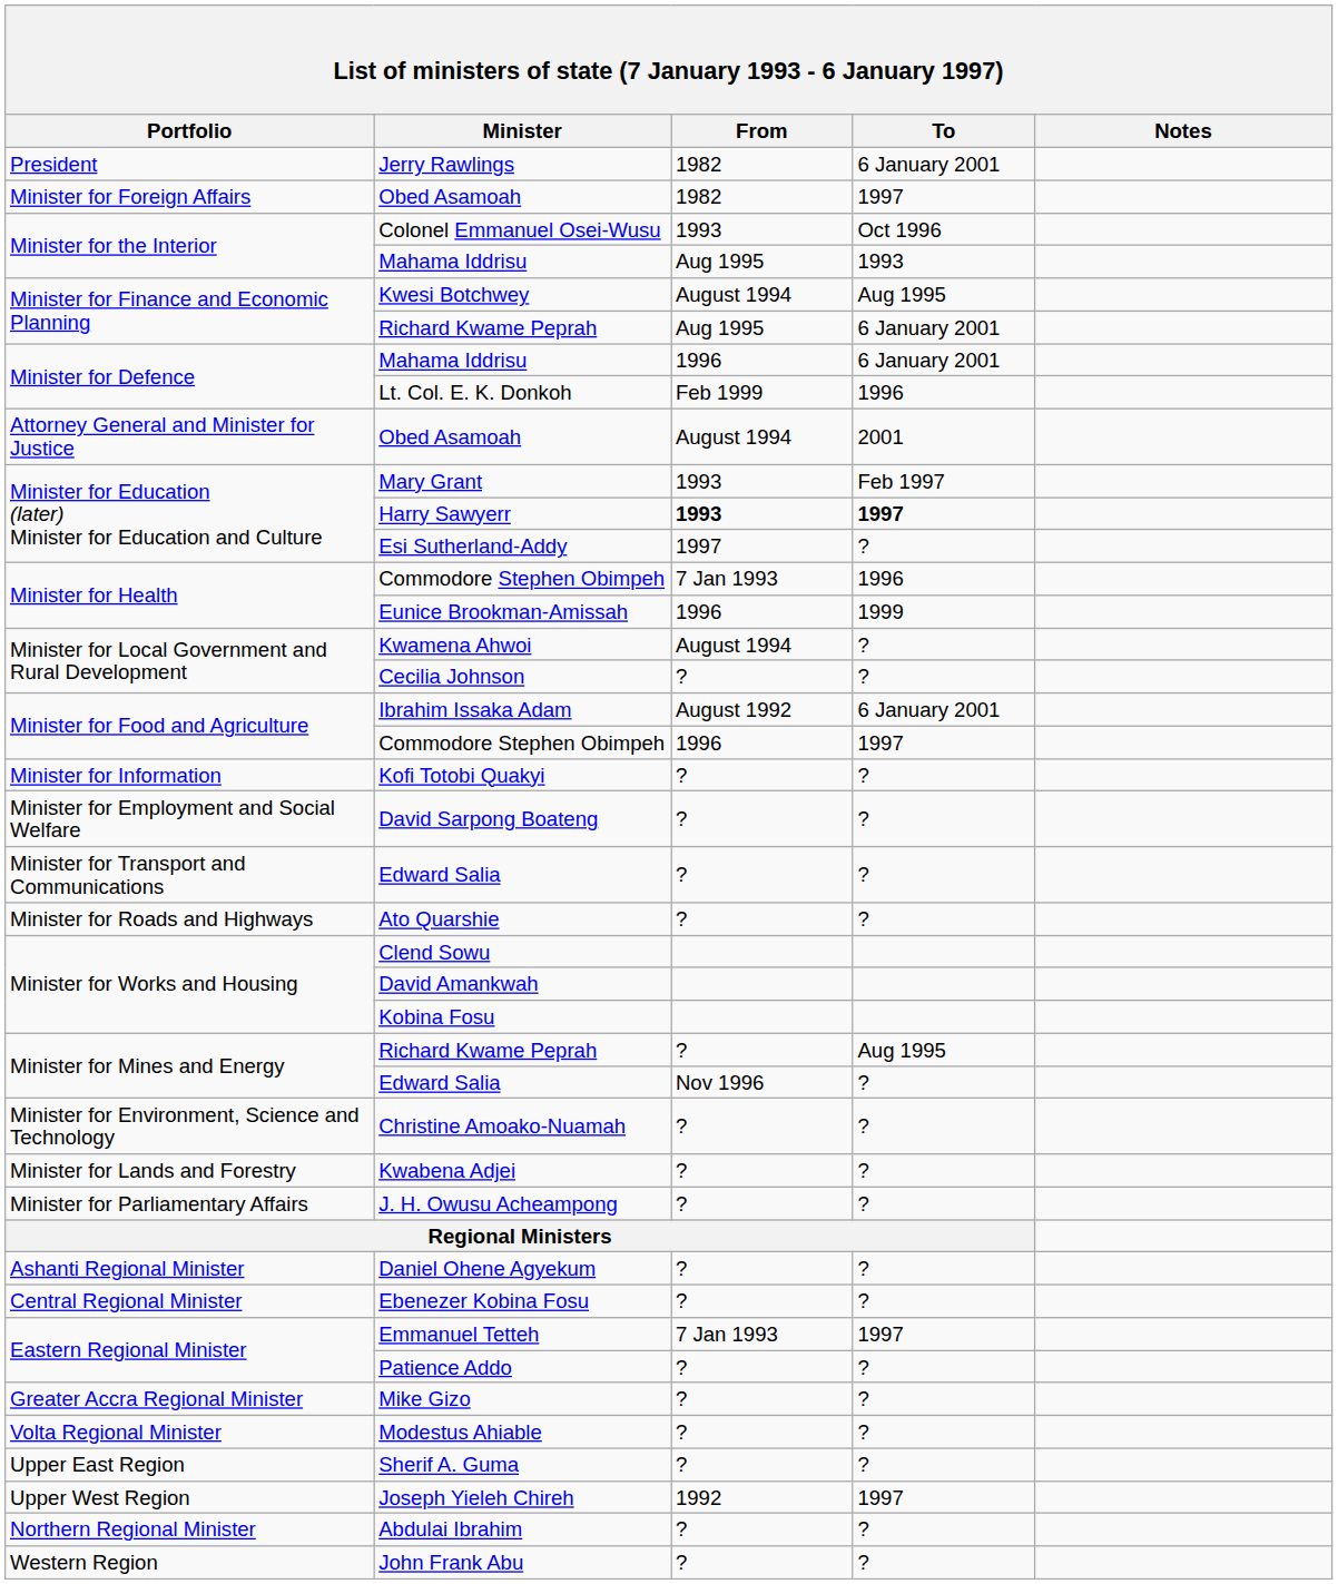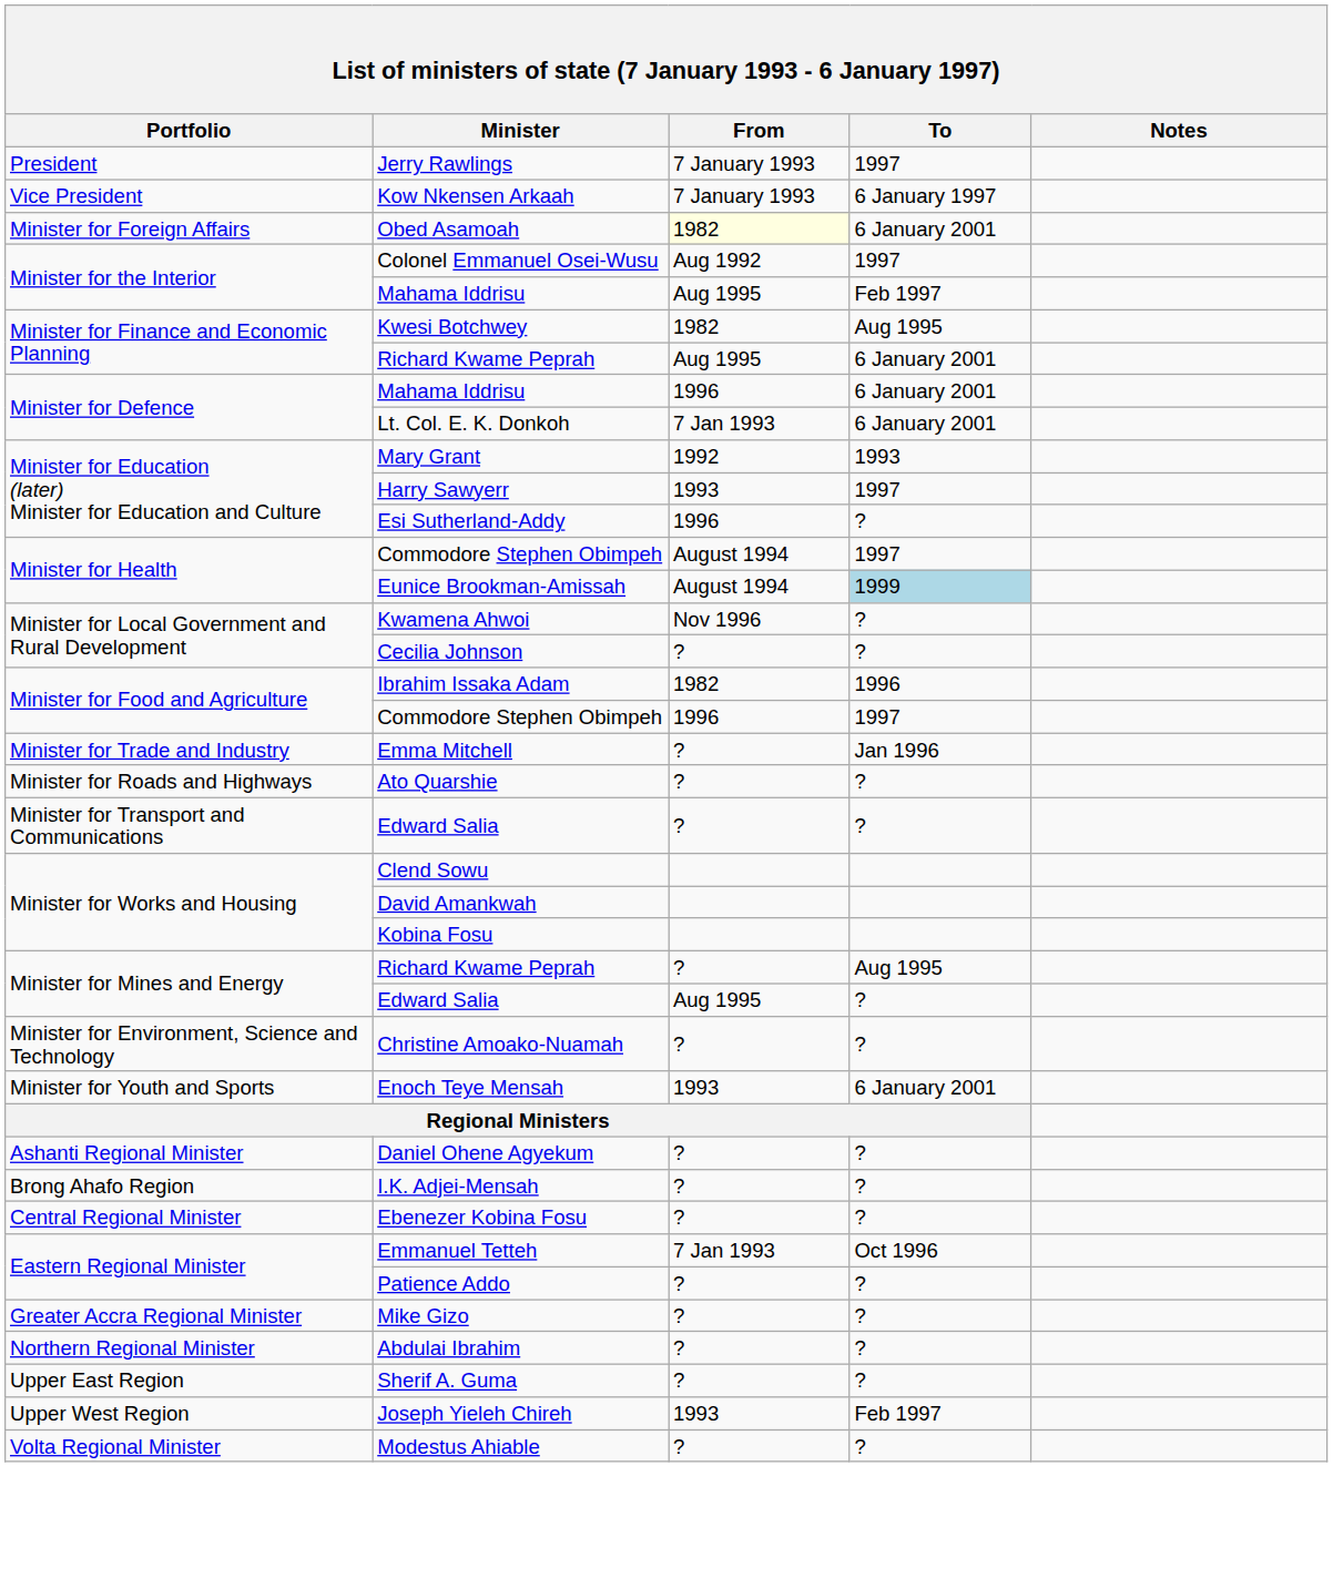 <table class="wikitable" style="font-size:90%; text-align:left;">
 <tr>
 <th colspan=5><br><h3>List of ministers of state (7 January 1993 - 6 January 1997)</h3></th>
 </tr>
 <tr>
 <th width=250>Portfolio</th>
 <th width=200>Minister</th>
 <th width=120>From</th>
 <th width=120>To</th>
 <th width=200>Notes</th>
 </tr>
 <tr>
 <td><a href='#'>President</a></td>
 <td><a href='#'>Jerry Rawlings</a></td>
-<td>1982</td>
-<td>6 January 2001</td>
+<td>7 January 1993</td>
+<td>1997</td>
+<td></td>
+</tr>
+<tr>
+<td><a href='#'>Vice President</a></td>
+<td><a href='#'>Kow Nkensen Arkaah</a></td>
+<td>7 January 1993</td>
+<td>6 January 1997</td>
 <td></td>
 </tr>
 <tr>
 <td><a href='#'>Minister for Foreign Affairs</a></td>
 <td><a href='#'>Obed Asamoah</a></td>
-<td>1982</td>
-<td>1997</td>
+<td style="background: lightyellow;">1982</td>
+<td>6 January 2001</td>
 <td></td>
 </tr>
 <tr>
 <td rowspan=2><a href='#'>Minister for the Interior</a></td>
 <td>Colonel <a href='#'>Emmanuel Osei-Wusu</a></td>
-<td>1993</td>
-<td>Oct 1996</td>
+<td>Aug 1992</td>
+<td>1997</td>
 <td></td>
 </tr>
 <tr>
 <td><a href='#'>Mahama Iddrisu</a></td>
 <td>Aug 1995</td>
-<td>1993</td>
+<td>Feb 1997</td>
 <td></td>
 </tr>
 <tr>
 <td rowspan=2><a href='#'>Minister for Finance and Economic Planning</a></td>
 <td><a href='#'>Kwesi Botchwey</a></td>
-<td>August 1994</td>
+<td>1982</td>
 <td>Aug 1995</td>
 <td></td>
 </tr>
 <tr>
 <td><a href='#'>Richard Kwame Peprah</a></td>
 <td>Aug 1995</td>
 <td>6 January 2001</td>
 <td></td>
 </tr>
 <tr>
 <td rowspan=2><a href='#'>Minister for Defence</a></td>
 <td><a href='#'>Mahama Iddrisu</a></td>
 <td>1996</td>
 <td>6 January 2001</td>
 <td></td>
 </tr>
 <tr>
 <td>Lt. Col. E. K. Donkoh</td>
-<td>Feb 1999</td>
-<td>1996</td>
-<td></td>
-</tr>
-<tr>
-<td><a href='#'>Attorney General and Minister for Justice</a></td>
-<td><a href='#'>Obed Asamoah</a></td>
-<td>August 1994</td>
-<td>2001</td>
+<td>7 Jan 1993</td>
+<td>6 January 2001</td>
 <td></td>
 </tr>
 <tr>
 <td rowspan=3><a href='#'>Minister for Education</a><br><em>(later)</em><br>Minister for Education and Culture</td>
 <td><a href='#'>Mary Grant</a></td>
+<td>1992</td>
 <td>1993</td>
-<td>Feb 1997</td>
 <td></td>
 </tr>
 <tr>
 <td><a href='#'>Harry Sawyerr</a></td>
-<td><strong>1993</strong></td>
-<td><strong>1997</strong></td>
+<td>1993</td>
+<td>1997</td>
 <td></td>
 </tr>
 <tr>
 <td><a href='#'>Esi Sutherland-Addy</a></td>
-<td>1997</td>
+<td>1996</td>
 <td>?</td>
 <td></td>
 </tr>
 <tr>
 <td rowspan=2><a href='#'>Minister for Health</a></td>
 <td>Commodore <a href='#'>Stephen Obimpeh</a></td>
-<td>7 Jan 1993</td>
-<td>1996</td>
+<td>August 1994</td>
+<td>1997</td>
 <td></td>
 </tr>
 <tr>
 <td><a href='#'>Eunice Brookman-Amissah</a></td>
-<td>1996</td>
-<td>1999</td>
+<td>August 1994</td>
+<td style="background: lightblue;">1999</td>
 <td></td>
 </tr>
 <tr>
 <td rowspan=2>Minister for Local Government and Rural Development</td>
 <td><a href='#'>Kwamena Ahwoi</a></td>
-<td>August 1994</td>
+<td>Nov 1996</td>
 <td>?</td>
 <td></td>
 </tr>
 <tr>
 <td><a href='#'>Cecilia Johnson</a></td>
 <td>?</td>
 <td>?</td>
 <td></td>
 </tr>
 <tr>
 <td rowspan=2><a href='#'>Minister for Food and Agriculture</a></td>
 <td><a href='#'>Ibrahim Issaka Adam</a></td>
-<td>August 1992</td>
-<td>6 January 2001</td>
+<td>1982</td>
+<td>1996</td>
 <td></td>
 </tr>
 <tr>
 <td>Commodore Stephen Obimpeh</td>
 <td>1996</td>
 <td>1997</td>
 <td></td>
 </tr>
 <tr>
-<td><a href='#'>Minister for Information</a></td>
-<td><a href='#'>Kofi Totobi Quakyi</a></td>
+<td><a href='#'>Minister for Trade and Industry</a></td>
+<td><a href='#'>Emma Mitchell</a></td>
 <td>?</td>
-<td>?</td>
+<td>Jan 1996</td>
 <td></td>
 </tr>
 <tr>
-<td>Minister for Employment and Social Welfare</td>
-<td><a href='#'>David Sarpong Boateng</a></td>
+<td>Minister for Roads and Highways</td>
+<td><a href='#'>Ato Quarshie</a></td>
 <td>?</td>
 <td>?</td>
 <td></td>
 </tr>
 <tr>
 <td>Minister for Transport and Communications</td>
 <td><a href='#'>Edward Salia</a></td>
-<td>?</td>
-<td>?</td>
-<td></td>
-</tr>
-<tr>
-<td>Minister for Roads and Highways</td>
-<td><a href='#'>Ato Quarshie</a></td>
 <td>?</td>
 <td>?</td>
 <td></td>
 </tr>
 <tr>
 <td rowspan=3>Minister for Works and Housing</td>
 <td><a href='#'>Clend Sowu</a></td>
 <td></td>
 <td></td>
 <td></td>
 </tr>
 <tr>
 <td><a href='#'>David Amankwah</a></td>
 <td></td>
 <td></td>
 <td></td>
 </tr>
 <tr>
 <td><a href='#'>Kobina Fosu</a></td>
 <td></td>
 <td></td>
 <td></td>
 </tr>
 <tr>
 <td rowspan=2>Minister for Mines and Energy</td>
 <td><a href='#'>Richard Kwame Peprah</a></td>
 <td>?</td>
 <td>Aug 1995</td>
 <td></td>
 </tr>
 <tr>
 <td><a href='#'>Edward Salia</a></td>
-<td>Nov 1996</td>
+<td>Aug 1995</td>
 <td>?</td>
 <td></td>
 </tr>
 <tr>
 <td>Minister for Environment, Science and Technology</td>
 <td><a href='#'>Christine Amoako-Nuamah</a></td>
 <td>?</td>
 <td>?</td>
 <td></td>
 </tr>
 <tr>
-<td>Minister for Lands and Forestry</td>
-<td><a href='#'>Kwabena Adjei</a></td>
-<td>?</td>
-<td>?</td>
-<td></td>
-</tr>
-<tr>
-<td>Minister for Parliamentary Affairs</td>
-<td><a href='#'>J. H. Owusu Acheampong</a></td>
-<td>?</td>
-<td>?</td>
+<td>Minister for Youth and Sports</td>
+<td><a href='#'>Enoch Teye Mensah</a></td>
+<td>1993</td>
+<td>6 January 2001</td>
 <td></td>
 </tr>
 <tr>
 <th colspan=4>Regional Ministers</th>
 </tr>
 <tr>
 <td><a href='#'>Ashanti Regional Minister</a></td>
 <td><a href='#'>Daniel Ohene Agyekum</a></td>
+<td>?</td>
+<td>?</td>
+<td></td>
+</tr>
+<tr>
+<td>Brong Ahafo Region</td>
+<td><a href='#'>I.K. Adjei-Mensah</a></td>
 <td>?</td>
 <td>?</td>
 <td></td>
 </tr>
 <tr>
 <td><a href='#'>Central Regional Minister</a></td>
 <td><a href='#'>Ebenezer Kobina Fosu</a></td>
 <td>?</td>
 <td>?</td>
 <td></td>
 </tr>
 <tr>
 <td rowspan=2><a href='#'>Eastern Regional Minister</a></td>
 <td><a href='#'>Emmanuel Tetteh</a></td>
 <td>7 Jan 1993</td>
-<td>1997</td>
+<td>Oct 1996</td>
 <td></td>
 </tr>
 <tr>
 <td><a href='#'>Patience Addo</a></td>
 <td>?</td>
 <td>?</td>
 <td></td>
 </tr>
 <tr>
 <td><a href='#'>Greater Accra Regional Minister</a></td>
 <td><a href='#'>Mike Gizo</a></td>
 <td>?</td>
 <td>?</td>
 <td></td>
 </tr>
 <tr>
-<td><a href='#'>Volta Regional Minister</a></td>
-<td><a href='#'>Modestus Ahiable</a></td>
+<td><a href='#'>Northern Regional Minister</a></td>
+<td><a href='#'>Abdulai Ibrahim</a></td>
 <td>?</td>
 <td>?</td>
 <td></td>
 </tr>
 <tr>
 <td>Upper East Region</td>
 <td><a href='#'>Sherif A. Guma</a></td>
 <td>?</td>
 <td>?</td>
 <td></td>
 </tr>
 <tr>
 <td>Upper West Region</td>
 <td><a href='#'>Joseph Yieleh Chireh</a></td>
-<td>1992</td>
-<td>1997</td>
+<td>1993</td>
+<td>Feb 1997</td>
 <td></td>
 </tr>
 <tr>
-<td><a href='#'>Northern Regional Minister</a></td>
-<td><a href='#'>Abdulai Ibrahim</a></td>
-<td>?</td>
-<td>?</td>
-<td></td>
-</tr>
-<tr>
-<td>Western Region</td>
-<td><a href='#'>John Frank Abu</a></td>
+<td><a href='#'>Volta Regional Minister</a></td>
+<td><a href='#'>Modestus Ahiable</a></td>
 <td>?</td>
 <td>?</td>
 <td></td>
 </tr>
 </table>
